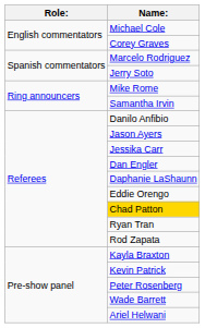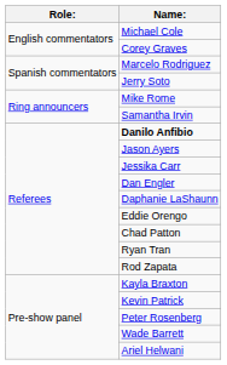 <table class=wikitable style="font-size:90%; margin: 0.5em 0 0.5em 1em; float: right; clear: right;">
 <tr>
 <th>Role:</th>
 <th>Name:</th>
 </tr>
 <tr>
 <td rowspan=2>English commentators</td>
 <td><a href='#'>Michael Cole</a></td>
 </tr>
 <tr>
 <td><a href='#'>Corey Graves</a></td>
 </tr>
 <tr>
 <td rowspan=2>Spanish commentators</td>
 <td><a href='#'>Marcelo Rodriguez</a></td>
 </tr>
 <tr>
 <td><a href='#'>Jerry Soto</a></td>
 </tr>
 <tr>
 <td rowspan=2><a href='#'>Ring announcers</a></td>
 <td><a href='#'>Mike Rome</a> </td>
 </tr>
 <tr>
 <td><a href='#'>Samantha Irvin</a> </td>
 </tr>
 <tr>
 <td rowspan=9><a href='#'>Referees</a></td>
-<td>Danilo Anfibio</td>
+<td><strong>Danilo Anfibio</strong></td>
 </tr>
 <tr>
 <td><a href='#'>Jason Ayers</a></td>
 </tr>
 <tr>
 <td><a href='#'>Jessika Carr</a></td>
 </tr>
 <tr>
 <td><a href='#'>Dan Engler</a></td>
 </tr>
 <tr>
 <td><a href='#'>Daphanie LaShaunn</a></td>
 </tr>
 <tr>
 <td>Eddie Orengo</td>
 </tr>
 <tr>
-<td style="background: gold;">Chad Patton</td>
+<td>Chad Patton</td>
 </tr>
 <tr>
 <td>Ryan Tran</td>
 </tr>
 <tr>
 <td>Rod Zapata</td>
 </tr>
 <tr>
 <td rowspan="5">Pre-show panel</td>
 <td><a href='#'>Kayla Braxton</a></td>
 </tr>
 <tr>
 <td><a href='#'>Kevin Patrick</a></td>
 </tr>
 <tr>
 <td><a href='#'>Peter Rosenberg</a></td>
 </tr>
 <tr>
 <td><a href='#'>Wade Barrett</a></td>
 </tr>
 <tr>
 <td><a href='#'>Ariel Helwani</a></td>
 </tr>
 </table>
